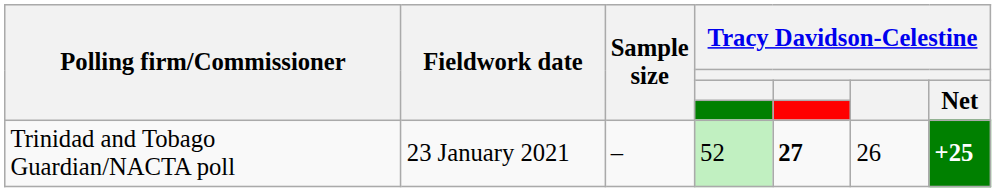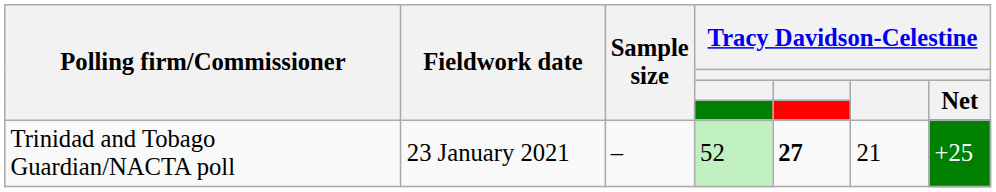 <table class="wikitable style="text-align:center; font-size:90%; line-height:14px;">
 <tr style="height:42px;">
 <th style="width:250px;" rowspan="4">Polling firm/Commissioner</th>
 <th style="width:125px;" rowspan="4">Fieldwork date</th>
 <th style="width:50px;" rowspan="4">Sample size</th>
 <th style="width:185px;" colspan="4"><a href='#'>Tracy Davidson-Celestine</a><br></th>
 </tr>
 <tr>
 <th colspan="4" style="background:"></th>
 </tr>
 <tr>
 <th style="width:40px;"></th>
 <th style="width:40px;"></th>
 <th style="width:40px;" rowspan="2"></th>
 <th style="width:30px;" rowspan="2">Net</th>
 </tr>
 <tr>
 <th style="color:inherit;background:#008000;"></th>
 <th style="color:inherit;background:#FF0000;"></th>
 </tr>
 <tr>
 <td>Trinidad and Tobago Guardian/NACTA poll</td>
 <td>23 January 2021</td>
 <td>–</td>
 <td style="background:#C1F0C1;">52</td>
 <td><strong>27</strong></td>
-<td>26</td>
-<td style="background:#008000; color:white;"><strong>+25</strong></td>
+<td>21</td>
+<td style="background:#008000; color:white;">+25</td>
 </tr>
 </table>
